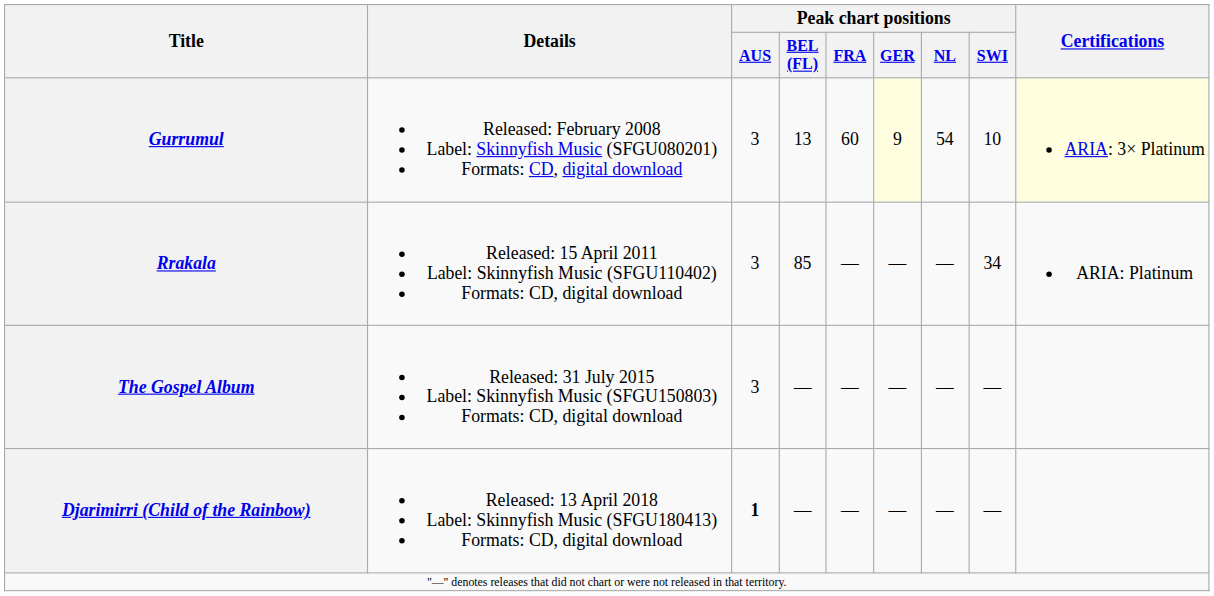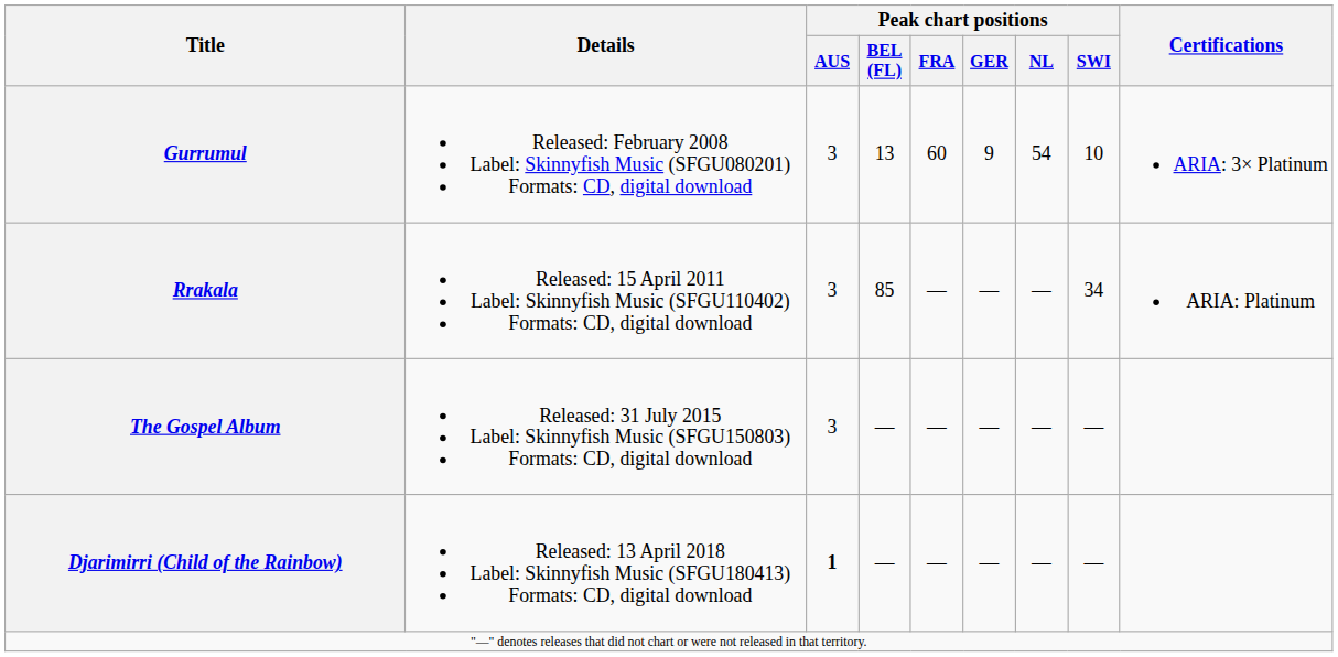 <table class="wikitable plainrowheaders" style="text-align:center;" border="1">
 <tr>
 <th scope="col" rowspan="2" style="width:20em;">Title</th>
 <th scope="col" rowspan="2" style="width:20em;">Details</th>
 <th scope="col" colspan="6">Peak chart positions</th>
 <th scope="col" rowspan="2"><a href='#'>Certifications</a></th>
 </tr>
 <tr>
 <th scope="col" style="width:2.5em;font-size:90%;"><a href='#'>AUS</a><br></th>
 <th scope="col" style="width:2.5em; font-size:90%;"><a href='#'>BEL <br>(FL)</a><br></th>
 <th scope="col" style="width:2.5em;font-size:90%;"><a href='#'>FRA</a><br></th>
 <th scope="col" style="width:2.5em;font-size:90%;"><a href='#'>GER</a><br></th>
 <th scope="col" style="width:2.5em; font-size:90%;"><a href='#'>NL</a><br></th>
 <th scope="col" style="width:2.5em; font-size:90%;"><a href='#'>SWI</a><br></th>
 </tr>
 <tr>
 <th scope="row"><em><a href='#'>Gurrumul</a></em></th>
 <td><br><ul><li>Released: February 2008</li><li>Label: <a href='#'>Skinnyfish Music</a> (SFGU080201)</li><li>Formats: <a href='#'>CD</a>, <a href='#'>digital download</a></li></ul></td>
 <td>3</td>
 <td>13</td>
 <td>60</td>
-<td style="background: lightyellow;">9</td>
+<td>9</td>
 <td>54</td>
 <td>10</td>
-<td style="background: lightyellow;"><br><ul><li><a href='#'>ARIA</a>: 3× Platinum</li></ul></td>
+<td><br><ul><li><a href='#'>ARIA</a>: 3× Platinum</li></ul></td>
 </tr>
 <tr>
 <th scope="row"><em><a href='#'>Rrakala</a></em></th>
 <td><br><ul><li>Released: 15 April 2011</li><li>Label: Skinnyfish Music (SFGU110402)</li><li>Formats: CD, digital download</li></ul></td>
 <td>3</td>
 <td>85</td>
 <td>—</td>
 <td>—</td>
 <td>—</td>
 <td>34</td>
 <td><br><ul><li>ARIA: Platinum</li></ul></td>
 </tr>
 <tr>
 <th scope="row"><em><a href='#'>The Gospel Album</a></em></th>
 <td><br><ul><li>Released: 31 July 2015</li><li>Label: Skinnyfish Music (SFGU150803)</li><li>Formats: CD, digital download</li></ul></td>
 <td>3</td>
 <td>—</td>
 <td>—</td>
 <td>—</td>
 <td>—</td>
 <td>—</td>
 <td></td>
 </tr>
 <tr>
 <th scope="row"><em><a href='#'>Djarimirri (Child of the Rainbow)</a></em></th>
 <td><br><ul><li>Released: 13 April 2018</li><li>Label: Skinnyfish Music (SFGU180413)</li><li>Formats: CD, digital download</li></ul></td>
 <td><strong>1</strong></td>
 <td>—</td>
 <td>—</td>
 <td>—</td>
 <td>—</td>
 <td>—</td>
 <td></td>
 </tr>
 <tr>
 <td align="center" colspan="15" style="font-size:8pt">"—" denotes releases that did not chart or were not released in that territory.</td>
 </tr>
 </table>
